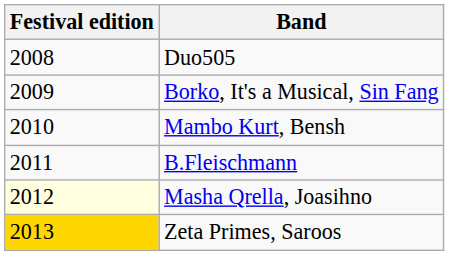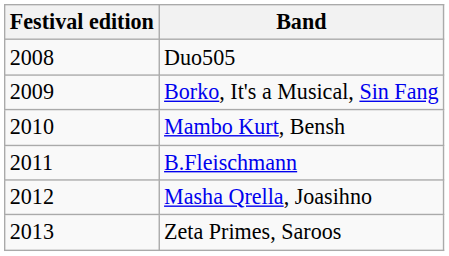 <table class="wikitable">
 <tr>
 <th>Festival edition</th>
 <th>Band</th>
 </tr>
 <tr>
 <td>2008</td>
 <td>Duo505</td>
 </tr>
 <tr>
 <td>2009</td>
 <td><a href='#'>Borko</a>, It's a Musical, <a href='#'>Sin Fang</a></td>
 </tr>
 <tr>
 <td>2010</td>
 <td><a href='#'>Mambo Kurt</a>, Bensh</td>
 </tr>
 <tr>
 <td>2011</td>
 <td><a href='#'>B.Fleischmann</a></td>
 </tr>
 <tr>
-<td style="background: lightyellow;">2012</td>
+<td>2012</td>
 <td><a href='#'>Masha Qrella</a>, Joasihno</td>
 </tr>
 <tr>
-<td style="background: gold;">2013</td>
+<td>2013</td>
 <td>Zeta Primes, Saroos</td>
 </tr>
 </table>
